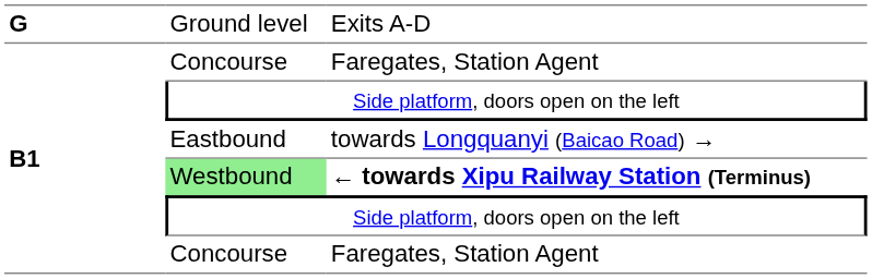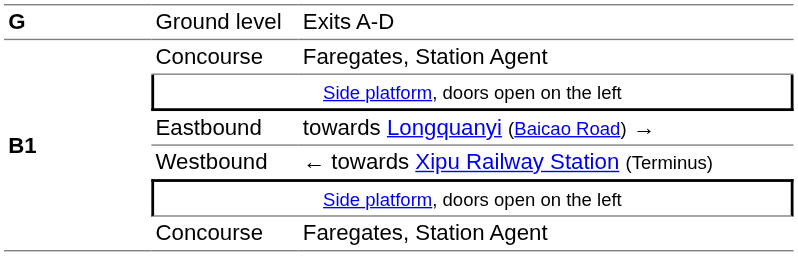 <table cellspacing=0 cellpadding=3>
 <tr>
 <td style="border-top:solid 1px gray;border-bottom:solid 1px gray;" width=100><strong>G</strong></td>
 <td style="border-top:solid 1px gray;border-bottom:solid 1px gray;" width=100>Ground level</td>
 <td style="border-top:solid 1px gray;border-bottom:solid 1px gray;" width=350>Exits A-D</td>
 </tr>
 <tr>
 <td style="border-bottom:solid 1px gray;" rowspan=6><strong>B1</strong></td>
 <td style="border-bottom:solid 1px gray;">Concourse</td>
 <td style="border-bottom:solid 1px gray;">Faregates, Station Agent</td>
 </tr>
 <tr>
 <td style="border-right:solid 2px black;border-left:solid 2px black;border-bottom:solid 2px black;text-align:center;" colspan=2><small><a href='#'>Side platform</a>, doors open on the left</small></td>
 </tr>
 <tr>
 <td style="border-bottom:solid 1px gray;">Eastbound</td>
 <td style="border-bottom:solid 1px gray;">  towards <a href='#'>Longquanyi</a> <small>(<a href='#'>Baicao Road</a>)</small> →</td>
 </tr>
 <tr>
-<td style="background: lightgreen;">Westbound</td>
-<td><strong>←  towards <a href='#'>Xipu Railway Station</a> <small>(Terminus)</small></strong></td>
+<td>Westbound</td>
+<td>←  towards <a href='#'>Xipu Railway Station</a> <small>(Terminus)</small></td>
 </tr>
 <tr>
 <td style="border-right:solid 2px black;border-left:solid 2px black;border-top:solid 2px black;border-bottom:solid 1px gray;text-align:center;" colspan=2><small><a href='#'>Side platform</a>, doors open on the left</small></td>
 </tr>
 <tr>
 <td style="border-bottom:solid 1px gray;">Concourse</td>
 <td style="border-bottom:solid 1px gray;">Faregates, Station Agent</td>
 </tr>
 </table>
